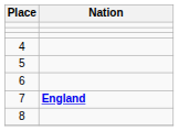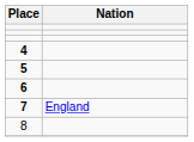 <table class=wikitable style=text-align:center>
 <tr>
 <th width=35>Place</th>
 <th width=185>Nation</th>
 </tr>
 <tr>
 <td></td>
 <td style=text-align:left></td>
 </tr>
 <tr>
 <td></td>
 <td style=text-align:left></td>
 </tr>
 <tr>
 <td></td>
 <td style=text-align:left></td>
 </tr>
 <tr>
-<td>4</td>
+<td><strong>4</strong></td>
 <td style=text-align:left></td>
 </tr>
 <tr>
-<td>5</td>
+<td><strong>5</strong></td>
 <td style=text-align:left></td>
 </tr>
 <tr>
-<td>6</td>
+<td><strong>6</strong></td>
 <td style=text-align:left></td>
 </tr>
 <tr>
-<td>7</td>
-<td style=text-align:left><strong> <a href='#'>England</a></strong></td>
+<td><strong>7</strong></td>
+<td style=text-align:left> <a href='#'>England</a></td>
 </tr>
 <tr>
 <td>8</td>
 <td style=text-align:left></td>
 </tr>
 <tr>
 </tr>
 </table>
